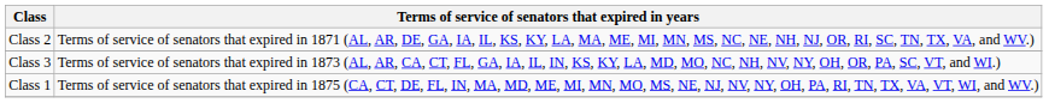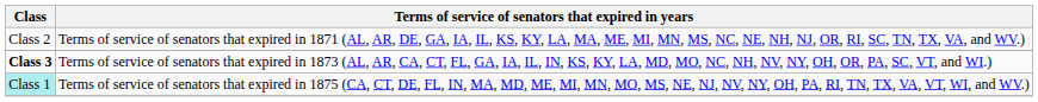 <table class="wikitable sortable">
 <tr valign=bottom>
 <th>Class</th>
 <th>Terms of service of senators that expired in years</th>
 </tr>
 <tr>
 <td>Class 2</td>
 <td>Terms of service of senators that expired in 1871 (<a href='#'>AL</a>, <a href='#'>AR</a>, <a href='#'>DE</a>, <a href='#'>GA</a>, <a href='#'>IA</a>, <a href='#'>IL</a>, <a href='#'>KS</a>, <a href='#'>KY</a>, <a href='#'>LA</a>, <a href='#'>MA</a>, <a href='#'>ME</a>, <a href='#'>MI</a>, <a href='#'>MN</a>, <a href='#'>MS</a>, <a href='#'>NC</a>, <a href='#'>NE</a>, <a href='#'>NH</a>, <a href='#'>NJ</a>, <a href='#'>OR</a>, <a href='#'>RI</a>, <a href='#'>SC</a>, <a href='#'>TN</a>, <a href='#'>TX</a>, <a href='#'>VA</a>, and <a href='#'>WV</a>.)</td>
 </tr>
 <tr>
 </tr>
 <tr>
-<td>Class 3</td>
+<td><strong>Class 3</strong></td>
 <td>Terms of service of senators that expired in 1873 (<a href='#'>AL</a>, <a href='#'>AR</a>, <a href='#'>CA</a>, <a href='#'>CT</a>, <a href='#'>FL</a>, <a href='#'>GA</a>, <a href='#'>IA</a>, <a href='#'>IL</a>, <a href='#'>IN</a>, <a href='#'>KS</a>, <a href='#'>KY</a>, <a href='#'>LA</a>, <a href='#'>MD</a>, <a href='#'>MO</a>, <a href='#'>NC</a>, <a href='#'>NH</a>, <a href='#'>NV</a>, <a href='#'>NY</a>, <a href='#'>OH</a>, <a href='#'>OR</a>, <a href='#'>PA</a>, <a href='#'>SC</a>, <a href='#'>VT</a>, and <a href='#'>WI</a>.)</td>
 </tr>
 <tr>
-<td>Class 1</td>
+<td style="background: paleturquoise;">Class 1</td>
 <td>Terms of service of senators that expired in 1875 (<a href='#'>CA</a>, <a href='#'>CT</a>, <a href='#'>DE</a>, <a href='#'>FL</a>, <a href='#'>IN</a>, <a href='#'>MA</a>, <a href='#'>MD</a>, <a href='#'>ME</a>,  <a href='#'>MI</a>, <a href='#'>MN</a>, <a href='#'>MO</a>, <a href='#'>MS</a>, <a href='#'>NE</a>, <a href='#'>NJ</a>,  <a href='#'>NV</a>, <a href='#'>NY</a>, <a href='#'>OH</a>, <a href='#'>PA</a>, <a href='#'>RI</a>, <a href='#'>TN</a>, <a href='#'>TX</a>, <a href='#'>VA</a>, <a href='#'>VT</a>, <a href='#'>WI</a>, and <a href='#'>WV</a>.)</td>
 </tr>
 <tr>
 </tr>
 </table>
